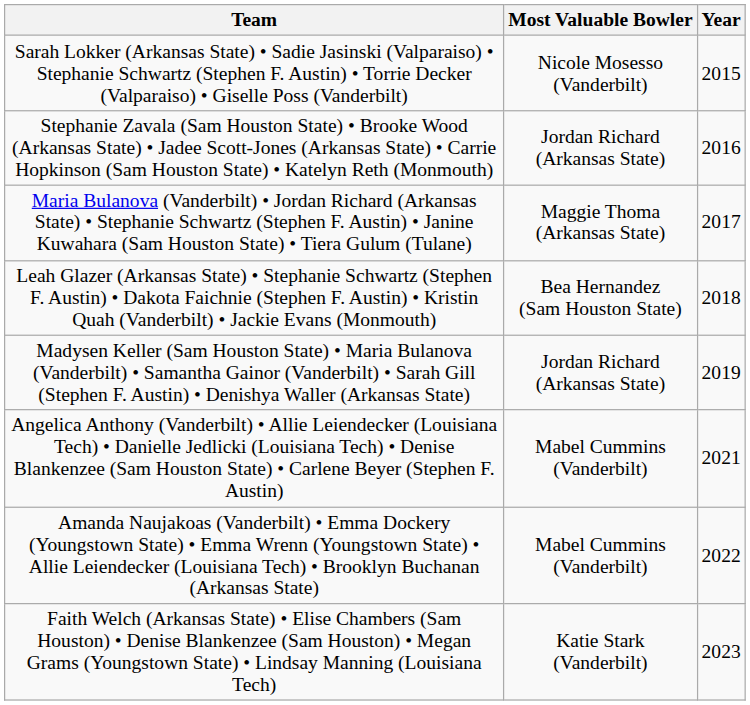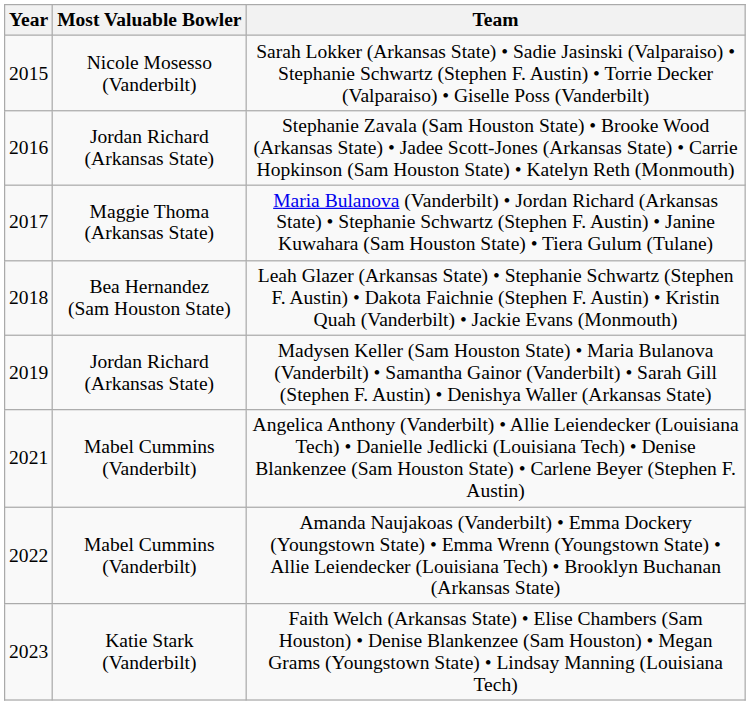 <table class="wikitable" style="text-align:center">
 <tr>
+<th>Year</th>
+<th nowrap>Most Valuable Bowler</th>
 <th>Team</th>
-<th nowrap>Most Valuable Bowler</th>
-<th>Year</th>
 </tr>
 <tr>
+<td>2015</td>
+<td>Nicole Mosesso<br>(Vanderbilt)</td>
 <td>Sarah Lokker (Arkansas State) • Sadie Jasinski (Valparaiso) • Stephanie Schwartz (Stephen F. Austin) • Torrie Decker (Valparaiso) • Giselle Poss (Vanderbilt)</td>
-<td>Nicole Mosesso<br>(Vanderbilt)</td>
-<td>2015</td>
 </tr>
 <tr>
+<td>2016</td>
+<td>Jordan Richard<br>(Arkansas State)</td>
 <td>Stephanie Zavala (Sam Houston State) • Brooke Wood (Arkansas State) • Jadee Scott-Jones (Arkansas State) • Carrie Hopkinson (Sam Houston State) • Katelyn Reth (Monmouth)</td>
-<td>Jordan Richard<br>(Arkansas State)</td>
-<td>2016</td>
 </tr>
 <tr>
+<td>2017</td>
+<td>Maggie Thoma<br>(Arkansas State)</td>
 <td><a href='#'>Maria Bulanova</a> (Vanderbilt) • Jordan Richard (Arkansas State) • Stephanie Schwartz (Stephen F. Austin) • Janine Kuwahara (Sam Houston State) • Tiera Gulum (Tulane)</td>
-<td>Maggie Thoma<br>(Arkansas State)</td>
-<td>2017</td>
 </tr>
 <tr>
+<td>2018</td>
+<td>Bea Hernandez<br>(Sam Houston State)</td>
 <td>Leah Glazer (Arkansas State) • Stephanie Schwartz (Stephen F. Austin) • Dakota Faichnie (Stephen F. Austin) • Kristin Quah (Vanderbilt) • Jackie Evans (Monmouth)</td>
-<td>Bea Hernandez<br>(Sam Houston State)</td>
-<td>2018</td>
 </tr>
 <tr>
+<td>2019</td>
+<td>Jordan Richard<br>(Arkansas State)</td>
 <td>Madysen Keller (Sam Houston State) • Maria Bulanova (Vanderbilt) • Samantha Gainor (Vanderbilt) • Sarah Gill (Stephen F. Austin) • Denishya Waller (Arkansas State)</td>
-<td>Jordan Richard<br>(Arkansas State)</td>
-<td>2019</td>
 </tr>
 <tr>
+<td>2021</td>
+<td>Mabel Cummins<br>(Vanderbilt)</td>
 <td>Angelica Anthony (Vanderbilt) • Allie Leiendecker (Louisiana Tech) • Danielle Jedlicki (Louisiana Tech) • Denise Blankenzee (Sam Houston State) • Carlene Beyer (Stephen F. Austin)</td>
-<td>Mabel Cummins<br>(Vanderbilt)</td>
-<td>2021</td>
 </tr>
 <tr>
+<td>2022</td>
+<td>Mabel Cummins<br>(Vanderbilt)</td>
 <td>Amanda Naujakoas (Vanderbilt) • Emma Dockery (Youngstown State) • Emma Wrenn (Youngstown State) • Allie Leiendecker (Louisiana Tech) • Brooklyn Buchanan (Arkansas State)</td>
-<td>Mabel Cummins<br>(Vanderbilt)</td>
-<td>2022</td>
 </tr>
 <tr>
+<td>2023</td>
+<td>Katie Stark<br>(Vanderbilt)</td>
 <td>Faith Welch (Arkansas State) • Elise Chambers (Sam Houston) • Denise Blankenzee (Sam Houston) • Megan Grams (Youngstown State) • Lindsay Manning (Louisiana Tech)</td>
-<td>Katie Stark<br>(Vanderbilt)</td>
-<td>2023</td>
 </tr>
 </table>
